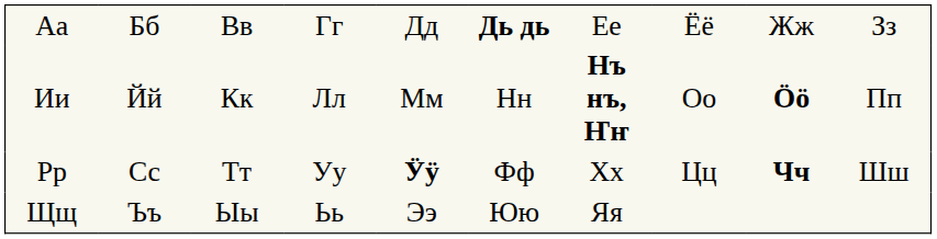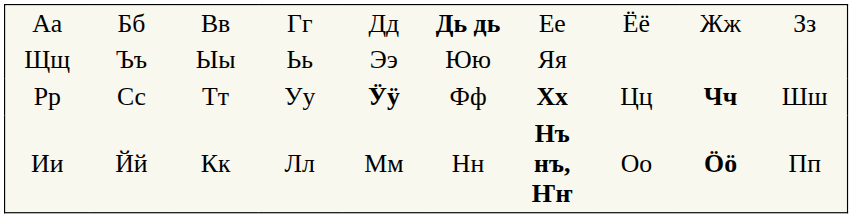 <table style="font-family:Arial Unicode MS; font-size:1.4em; border-color:#000000; border-width:1px; border-style:solid; border-collapse:collapse; text-align:right; background-color:#F8F8EF">
 <tr>
 <td style="width:3em; text-align:center; padding: 3px;">Аа</td>
 <td style="width:3em; text-align:center; padding: 3px;">Бб</td>
 <td style="width:3em; text-align:center; padding: 3px;">Вв</td>
 <td style="width:3em; text-align:center; padding: 3px;">Гг</td>
 <td style="width:3em; text-align:center; padding: 3px;">Дд</td>
 <td style="width:3em; text-align:center; padding: 3px;"><strong>Дь дь</strong></td>
 <td style="width:3em; text-align:center; padding: 3px;">Ее</td>
 <td style="width:3em; text-align:center; padding: 3px;">Ёё</td>
 <td style="width:3em; text-align:center; padding: 3px;">Жж</td>
 <td style="width:3em; text-align:center; padding: 3px;">Зз</td>
 </tr>
 <tr>
+<td style="width:3em; text-align:center; padding: 3px;">Щщ</td>
+<td style="width:3em; text-align:center; padding: 3px;">Ъъ</td>
+<td style="width:3em; text-align:center; padding: 3px;">Ыы</td>
+<td style="width:3em; text-align:center; padding: 3px;">Ьь</td>
+<td style="width:3em; text-align:center; padding: 3px;">Ээ</td>
+<td style="width:3em; text-align:center; padding: 3px;">Юю</td>
+<td style="width:3em; text-align:center; padding: 3px;">Яя</td>
+<td style="width:3em; text-align:center; padding: 3px;"></td>
+<td style="width:3em; text-align:center; padding: 3px;"></td>
+<td></td>
+</tr>
+<tr>
+<td style="width:3em; text-align:center; padding: 3px;">Рр</td>
+<td style="width:3em; text-align:center; padding: 3px;">Сс</td>
+<td style="width:3em; text-align:center; padding: 3px;">Тт</td>
+<td style="width:3em; text-align:center; padding: 3px;">Уу</td>
+<td style="width:3em; text-align:center; padding: 3px;"><strong>Ӱӱ</strong></td>
+<td style="width:3em; text-align:center; padding: 3px;">Фф</td>
+<td style="width:3em; text-align:center; padding: 3px;"><strong>Хх</strong></td>
+<td style="width:3em; text-align:center; padding: 3px;">Цц</td>
+<td style="width:3em; text-align:center; padding: 3px;"><strong>Чч</strong></td>
+<td style="width:3em; text-align:center; padding: 3px;">Шш</td>
+</tr>
+<tr>
 <td style="width:3em; text-align:center; padding: 3px;">Ии</td>
 <td style="width:3em; text-align:center; padding: 3px;">Йй</td>
 <td style="width:3em; text-align:center; padding: 3px;">Кк</td>
 <td style="width:3em; text-align:center; padding: 3px;">Лл</td>
 <td style="width:3em; text-align:center; padding: 3px;">Мм</td>
 <td style="width:3em; text-align:center; padding: 3px;">Нн</td>
 <td style="width:3em; text-align:center; padding: 3px;"><strong>Нъ нъ, Ҥҥ</strong></td>
 <td style="width:3em; text-align:center; padding: 3px;">Оо</td>
 <td style="width:3em; text-align:center; padding: 3px;"><strong>Ӧӧ</strong></td>
 <td style="width:3em; text-align:center; padding: 3px;">Пп</td>
 </tr>
-<tr>
-<td style="width:3em; text-align:center; padding: 3px;">Рр</td>
-<td style="width:3em; text-align:center; padding: 3px;">Сс</td>
-<td style="width:3em; text-align:center; padding: 3px;">Тт</td>
-<td style="width:3em; text-align:center; padding: 3px;">Уу</td>
-<td style="width:3em; text-align:center; padding: 3px;"><strong>Ӱӱ</strong></td>
-<td style="width:3em; text-align:center; padding: 3px;">Фф</td>
-<td style="width:3em; text-align:center; padding: 3px;">Хх</td>
-<td style="width:3em; text-align:center; padding: 3px;">Цц</td>
-<td style="width:3em; text-align:center; padding: 3px;"><strong>Чч</strong></td>
-<td style="width:3em; text-align:center; padding: 3px;">Шш</td>
-</tr>
-<tr>
-<td style="width:3em; text-align:center; padding: 3px;">Щщ</td>
-<td style="width:3em; text-align:center; padding: 3px;">Ъъ</td>
-<td style="width:3em; text-align:center; padding: 3px;">Ыы</td>
-<td style="width:3em; text-align:center; padding: 3px;">Ьь</td>
-<td style="width:3em; text-align:center; padding: 3px;">Ээ</td>
-<td style="width:3em; text-align:center; padding: 3px;">Юю</td>
-<td style="width:3em; text-align:center; padding: 3px;">Яя</td>
-<td style="width:3em; text-align:center; padding: 3px;"></td>
-<td style="width:3em; text-align:center; padding: 3px;"></td>
-<td></td>
-</tr>
 </table>
